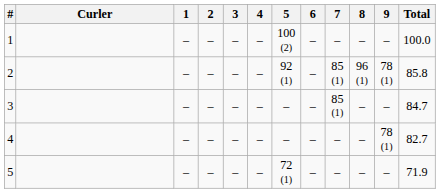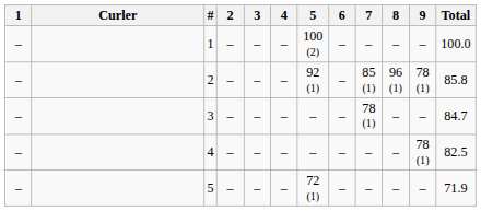 <table class="wikitable sortable" style="text-align:center">
 <tr>
+<th width=25>1</th>
+<th width=200>Curler</th>
 <th>#</th>
-<th width=200>Curler</th>
-<th width=25>1</th>
 <th width=25>2</th>
 <th width=25>3</th>
 <th width=25>4</th>
 <th width=30>5</th>
 <th width=25>6</th>
 <th width=25>7</th>
 <th width=25>8</th>
 <th width=25>9</th>
 <th width=40>Total</th>
 </tr>
 <tr>
+<td>–</td>
+<td align=left></td>
 <td>1</td>
-<td align=left></td>
-<td>–</td>
 <td>–</td>
 <td>–</td>
 <td>–</td>
 <td>100 <small>(2)</small></td>
 <td>–</td>
 <td>–</td>
 <td>–</td>
 <td>–</td>
 <td>100.0</td>
 </tr>
 <tr>
+<td>–</td>
+<td align=left></td>
 <td>2</td>
-<td align=left></td>
-<td>–</td>
 <td>–</td>
 <td>–</td>
 <td>–</td>
 <td>92 <small>(1)</small></td>
 <td>–</td>
 <td>85 <small>(1)</small></td>
 <td>96 <small>(1)</small></td>
 <td>78 <small>(1)</small></td>
 <td>85.8</td>
 </tr>
 <tr>
+<td>–</td>
+<td align=left></td>
 <td>3</td>
-<td align=left></td>
 <td>–</td>
 <td>–</td>
 <td>–</td>
 <td>–</td>
 <td>–</td>
-<td>–</td>
-<td>85 <small>(1)</small></td>
+<td>78 <small>(1)</small></td>
 <td>–</td>
 <td>–</td>
 <td>84.7</td>
 </tr>
 <tr>
+<td>–</td>
+<td align=left></td>
 <td>4</td>
-<td align=left></td>
-<td>–</td>
 <td>–</td>
 <td>–</td>
 <td>–</td>
 <td>–</td>
 <td>–</td>
 <td>–</td>
 <td>–</td>
 <td>78 <small>(1)</small></td>
-<td>82.7</td>
+<td>82.5</td>
 </tr>
 <tr>
+<td>–</td>
+<td align=left></td>
 <td>5</td>
-<td align=left></td>
-<td>–</td>
 <td>–</td>
 <td>–</td>
 <td>–</td>
 <td>72 <small>(1)</small></td>
 <td>–</td>
 <td>–</td>
 <td>–</td>
 <td>–</td>
 <td>71.9</td>
 </tr>
 </table>
